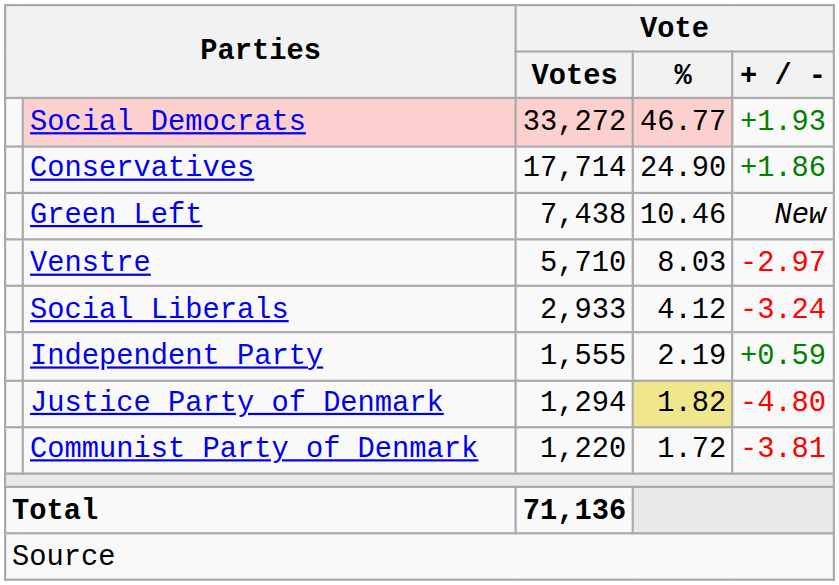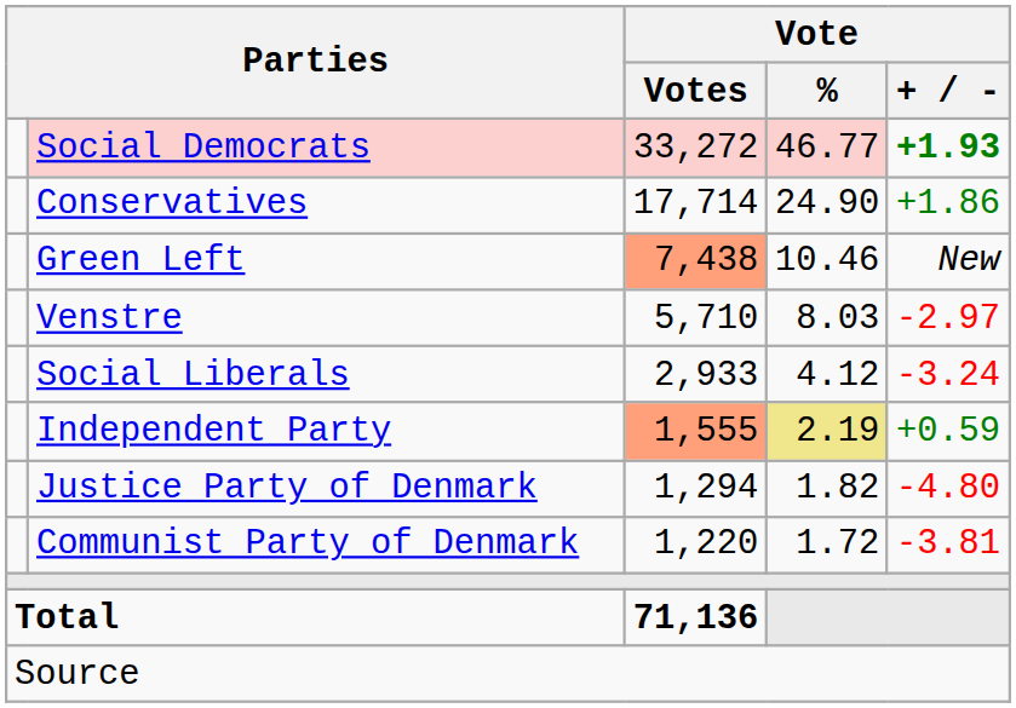 <table class="wikitable" style="text-align:right;">
 <tr>
 <th style="text-align:centre;" rowspan="2" colspan="2" width="225">Parties</th>
 <th colspan="3">Vote</th>
 </tr>
 <tr>
 <th width="15">Votes</th>
 <th width="15">%</th>
 <th width="15">+ / -</th>
 </tr>
 <tr>
 <td width="2" style="color:inherit;background:"></td>
 <td bgcolor=#fbd0ce  align="left"><a href='#'>Social Democrats</a></td>
 <td bgcolor=#fbd0ce>33,272</td>
 <td bgcolor=#fbd0ce>46.77</td>
-<td style=color:green;>+1.93</td>
+<td style=color:green;><strong>+1.93</strong></td>
 </tr>
 <tr>
 <td width="2" style="color:inherit;background:"></td>
 <td align="left"><a href='#'>Conservatives</a></td>
 <td>17,714</td>
 <td>24.90</td>
 <td style=color:green;>+1.86</td>
 </tr>
 <tr>
 <td width="2" style="color:inherit;background:"></td>
 <td align="left"><a href='#'>Green Left</a></td>
-<td>7,438</td>
+<td style="background: lightsalmon;">7,438</td>
 <td>10.46</td>
 <td><em>New</em></td>
 </tr>
 <tr>
 <td width="2" style="color:inherit;background:"></td>
 <td align="left"><a href='#'>Venstre</a></td>
 <td>5,710</td>
 <td>8.03</td>
 <td style=color:red;>-2.97</td>
 </tr>
 <tr>
 <td width="2" style="color:inherit;background:"></td>
 <td align="left"><a href='#'>Social Liberals</a></td>
 <td>2,933</td>
 <td>4.12</td>
 <td style=color:red;>-3.24</td>
 </tr>
 <tr>
 <td width="2" style="color:inherit;background:"></td>
 <td align="left"><a href='#'>Independent Party</a></td>
-<td>1,555</td>
-<td>2.19</td>
+<td style="background: lightsalmon;">1,555</td>
+<td style="background: khaki;">2.19</td>
 <td style=color:green;>+0.59</td>
 </tr>
 <tr>
 <td width="2" style="color:inherit;background:"></td>
 <td align="left"><a href='#'>Justice Party of Denmark</a></td>
 <td>1,294</td>
-<td style="background: khaki;">1.82</td>
+<td>1.82</td>
 <td style=color:red;>-4.80</td>
 </tr>
 <tr>
 <td width="2" style="color:inherit;background:"></td>
 <td align="left"><a href='#'>Communist Party of Denmark</a></td>
 <td>1,220</td>
 <td>1.72</td>
 <td style=color:red;>-3.81</td>
 </tr>
 <tr>
 <td colspan="7" bgcolor="#E9E9E9"></td>
 </tr>
 <tr>
 <td align="left" colspan="2"><strong>Total</strong></td>
 <td><strong>71,136</strong></td>
 <td bgcolor="#E9E9E9" colspan="2"></td>
 </tr>
 <tr>
 <td align="left" colspan="6">Source</td>
 </tr>
 </table>
